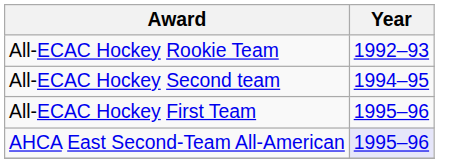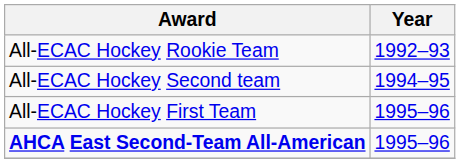 <table class="wikitable">
 <tr>
 <th>Award</th>
 <th>Year</th>
 </tr>
 <tr>
 <td>All-<a href='#'>ECAC Hockey</a> <a href='#'>Rookie Team</a></td>
 <td><a href='#'>1992–93</a></td>
 </tr>
 <tr>
 <td>All-<a href='#'>ECAC Hockey</a> <a href='#'>Second team</a></td>
 <td><a href='#'>1994–95</a></td>
 </tr>
 <tr>
 <td>All-<a href='#'>ECAC Hockey</a> <a href='#'>First Team</a></td>
 <td><a href='#'>1995–96</a></td>
 </tr>
 <tr>
-<td><a href='#'>AHCA</a> <a href='#'>East Second-Team All-American</a></td>
-<td style="background: lavender;"><a href='#'>1995–96</a></td>
+<td><strong><a href='#'>AHCA</a> <a href='#'>East Second-Team All-American</a></strong></td>
+<td><a href='#'>1995–96</a></td>
 </tr>
 <tr>
 </tr>
 </table>
